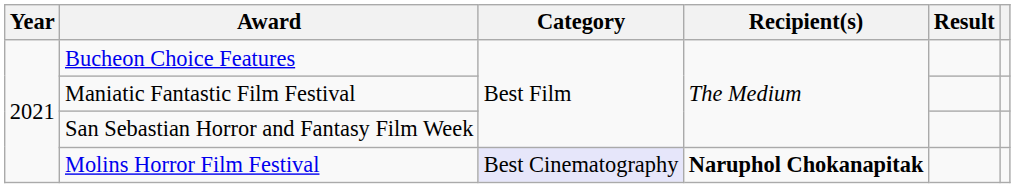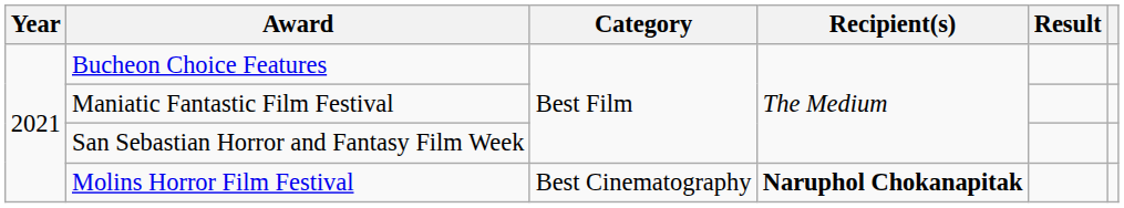 <table class="wikitable plainrowheaders sortable">
 <tr>
 <th scope="col">Year</th>
 <th scope="col">Award</th>
 <th scope="col">Category</th>
 <th scope="col">Recipient(s)</th>
 <th scope="col">Result</th>
 <th scope="col" class="unsortable"></th>
 </tr>
 <tr>
 <td rowspan="4">2021</td>
 <td><a href='#'>Bucheon Choice Features</a></td>
 <td rowspan="3">Best Film</td>
 <td rowspan="3"><em>The Medium</em></td>
 <td></td>
 <td></td>
 </tr>
 <tr>
 <td>Maniatic Fantastic Film Festival</td>
 <td></td>
 <td></td>
 </tr>
 <tr>
 <td>San Sebastian Horror and Fantasy Film Week</td>
 <td></td>
 <td></td>
 </tr>
 <tr>
 <td><a href='#'>Molins Horror Film Festival</a></td>
-<td style="background: lavender;">Best Cinematography</td>
+<td>Best Cinematography</td>
 <td><strong>Naruphol Chokanapitak</strong></td>
 <td></td>
 <td></td>
 </tr>
 </table>
